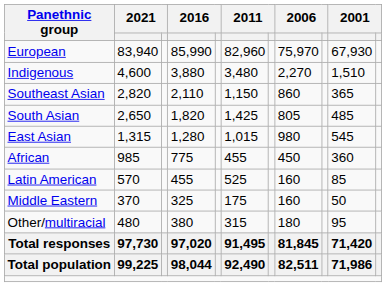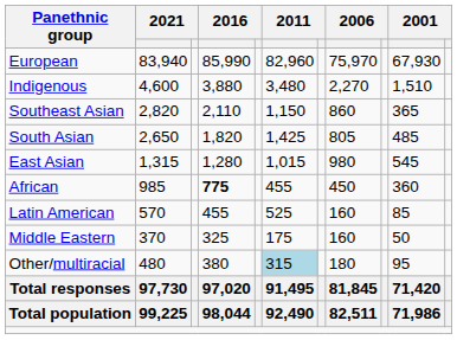 <table class="wikitable collapsible sortable">
 <tr>
 <th rowspan="2"><a href='#'>Panethnic</a><br>group</th>
 <th colspan="2">2021</th>
 <th colspan="2">2016</th>
 <th colspan="2">2011</th>
 <th colspan="2">2006</th>
 <th colspan="2">2001</th>
 </tr>
 <tr>
 <th><a href='#'></a></th>
 <th></th>
 <th></th>
 <th></th>
 <th></th>
 <th></th>
 <th></th>
 <th></th>
 <th></th>
 <th></th>
 </tr>
 <tr>
 <td><a href='#'>European</a></td>
 <td>83,940</td>
 <td></td>
 <td>85,990</td>
 <td></td>
 <td>82,960</td>
 <td></td>
 <td>75,970</td>
 <td></td>
 <td>67,930</td>
 <td></td>
 </tr>
 <tr>
 <td><a href='#'>Indigenous</a></td>
 <td>4,600</td>
 <td></td>
 <td>3,880</td>
 <td></td>
 <td>3,480</td>
 <td></td>
 <td>2,270</td>
 <td></td>
 <td>1,510</td>
 <td></td>
 </tr>
 <tr>
 <td><a href='#'>Southeast Asian</a></td>
 <td>2,820</td>
 <td></td>
 <td>2,110</td>
 <td></td>
 <td>1,150</td>
 <td></td>
 <td>860</td>
 <td></td>
 <td>365</td>
 <td></td>
 </tr>
 <tr>
 <td><a href='#'>South Asian</a></td>
 <td>2,650</td>
 <td></td>
 <td>1,820</td>
 <td></td>
 <td>1,425</td>
 <td></td>
 <td>805</td>
 <td></td>
 <td>485</td>
 <td></td>
 </tr>
 <tr>
 <td><a href='#'>East Asian</a></td>
 <td>1,315</td>
 <td></td>
 <td>1,280</td>
 <td></td>
 <td>1,015</td>
 <td></td>
 <td>980</td>
 <td></td>
 <td>545</td>
 <td></td>
 </tr>
 <tr>
 <td><a href='#'>African</a></td>
 <td>985</td>
 <td></td>
-<td>775</td>
+<td><strong>775</strong></td>
 <td></td>
 <td>455</td>
 <td></td>
 <td>450</td>
 <td></td>
 <td>360</td>
 <td></td>
 </tr>
 <tr>
 <td><a href='#'>Latin American</a></td>
 <td>570</td>
 <td></td>
 <td>455</td>
 <td></td>
 <td>525</td>
 <td></td>
 <td>160</td>
 <td></td>
 <td>85</td>
 <td></td>
 </tr>
 <tr>
 <td><a href='#'>Middle Eastern</a></td>
 <td>370</td>
 <td></td>
 <td>325</td>
 <td></td>
 <td>175</td>
 <td></td>
 <td>160</td>
 <td></td>
 <td>50</td>
 <td></td>
 </tr>
 <tr>
 <td>Other/<a href='#'>multiracial</a></td>
 <td>480</td>
 <td></td>
 <td>380</td>
 <td></td>
-<td>315</td>
+<td style="background: lightblue;">315</td>
 <td></td>
 <td>180</td>
 <td></td>
 <td>95</td>
 <td></td>
 </tr>
 <tr>
 <th>Total responses</th>
 <th>97,730</th>
 <th></th>
 <th>97,020</th>
 <th></th>
 <th>91,495</th>
 <th></th>
 <th>81,845</th>
 <th></th>
 <th>71,420</th>
 <th></th>
 </tr>
 <tr class="sortbottom">
 <th>Total population</th>
 <th>99,225</th>
 <th></th>
 <th>98,044</th>
 <th></th>
 <th>92,490</th>
 <th></th>
 <th>82,511</th>
 <th></th>
 <th>71,986</th>
 <th></th>
 </tr>
 <tr class="sortbottom">
 <td colspan="11"></td>
 </tr>
 </table>
